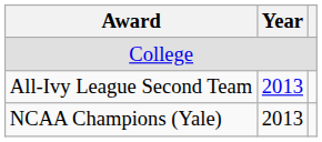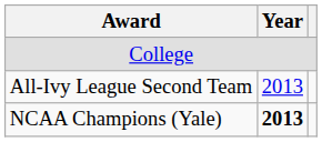 <table class="wikitable">
 <tr>
 <th>Award</th>
 <th>Year</th>
 <th></th>
 </tr>
 <tr ALIGN="center" bgcolor="#e0e0e0">
 <td colspan="3"><a href='#'>College</a></td>
 </tr>
 <tr>
 <td>All-Ivy League Second Team</td>
 <td><a href='#'>2013</a></td>
 <td></td>
 </tr>
 <tr>
 <td>NCAA Champions (Yale)</td>
-<td>2013</td>
+<td><strong>2013</strong></td>
 <td></td>
 </tr>
 </table>
